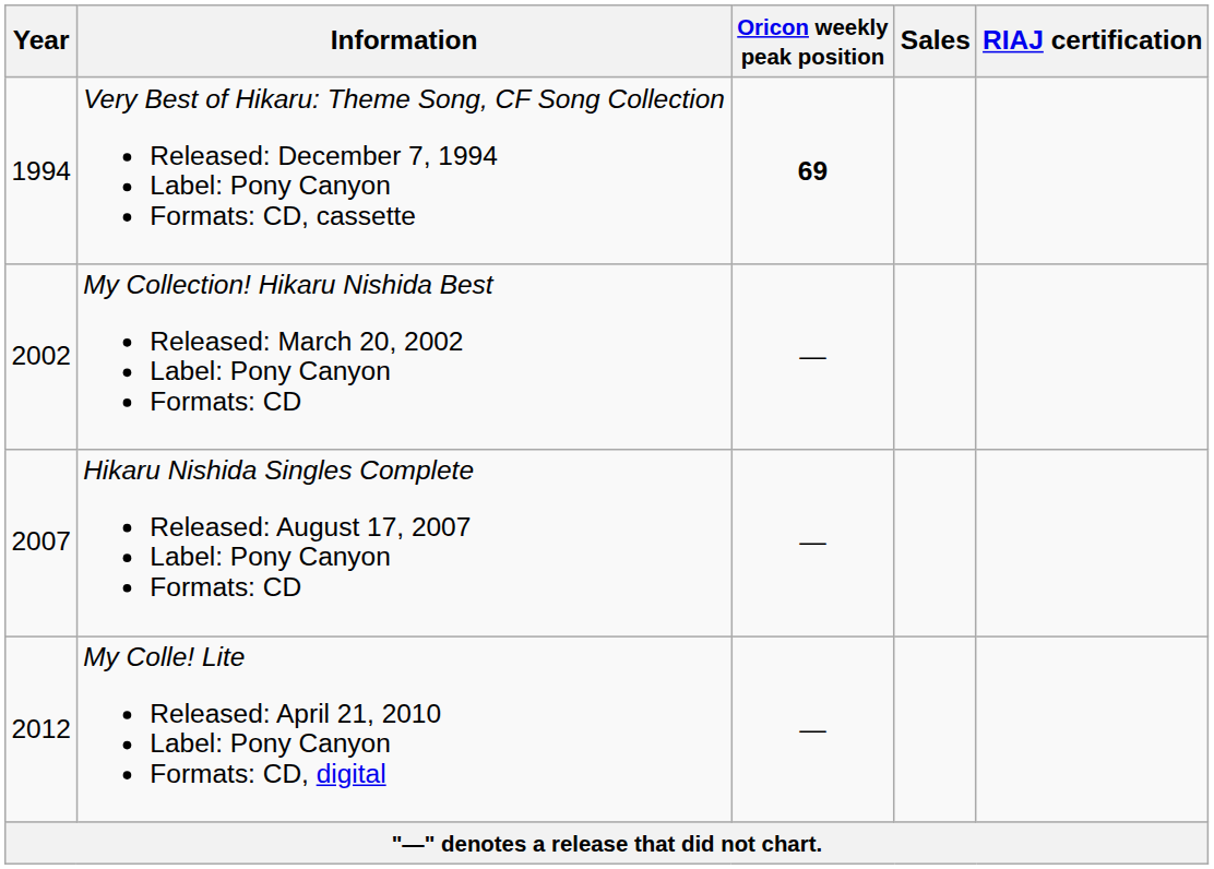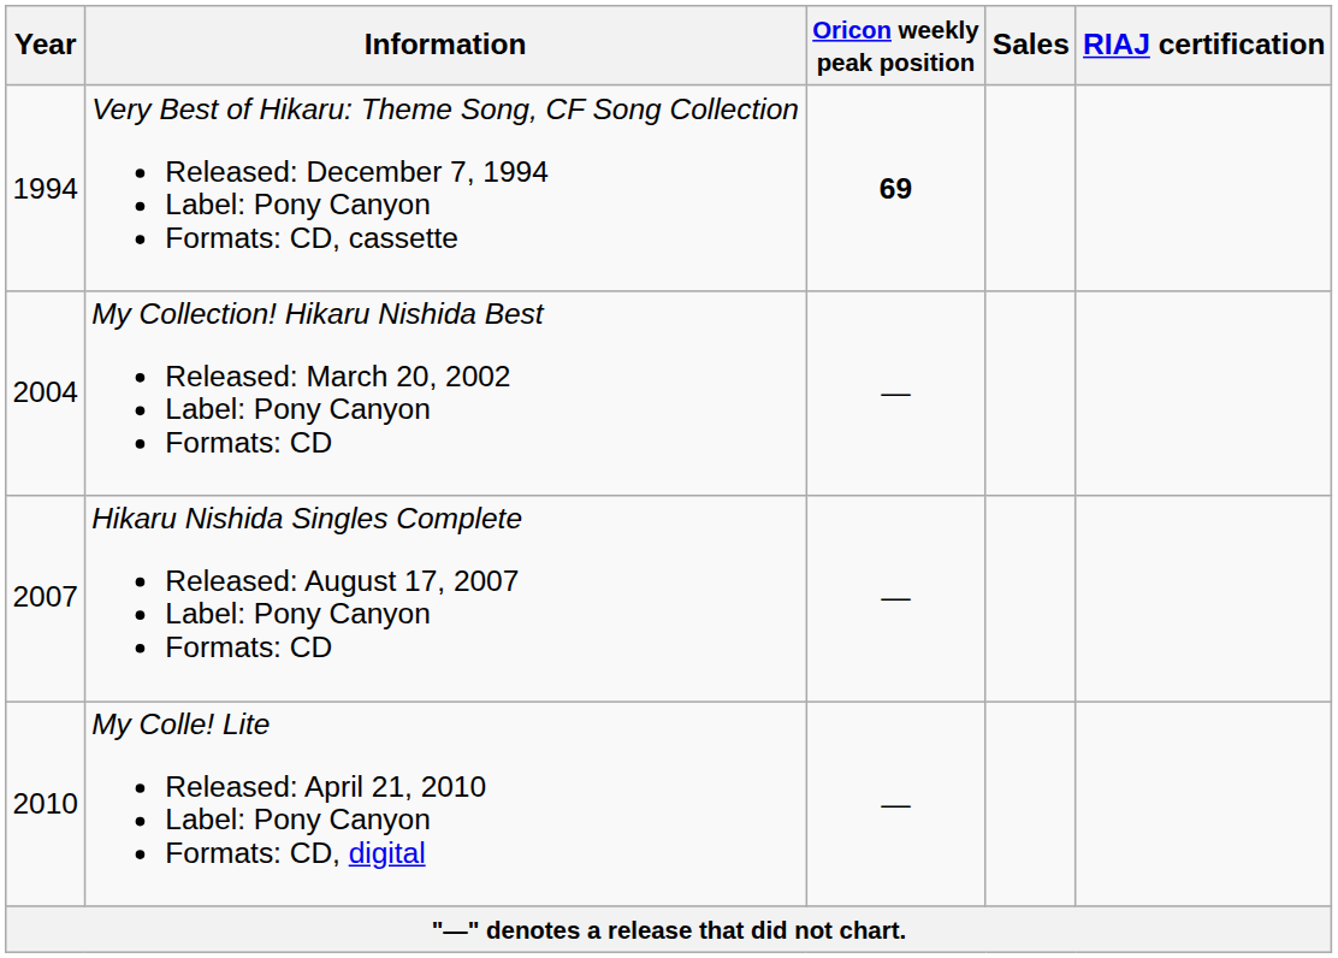 <table class="wikitable">
 <tr>
 <th>Year</th>
 <th>Information</th>
 <th><small><a href='#'>Oricon</a> weekly<br>peak position</small></th>
 <th>Sales<br></th>
 <th><a href='#'>RIAJ</a> certification</th>
 </tr>
 <tr>
 <td>1994</td>
 <td><em>Very Best of Hikaru: Theme Song, CF Song Collection</em><br><ul><li>Released: December 7, 1994</li><li>Label: Pony Canyon</li><li>Formats: CD, cassette</li></ul></td>
 <td style="text-align:center;"><strong>69</strong></td>
 <td align="left"></td>
 <td align="left"></td>
 </tr>
 <tr>
-<td>2002</td>
+<td>2004</td>
 <td><em>My Collection! Hikaru Nishida Best</em><br><ul><li>Released: March 20, 2002</li><li>Label: Pony Canyon</li><li>Formats: CD</li></ul></td>
 <td style="text-align:center;">—</td>
 <td align="left"></td>
 <td align="left"></td>
 </tr>
 <tr>
 <td>2007</td>
 <td><em>Hikaru Nishida Singles Complete</em><br><ul><li>Released: August 17, 2007</li><li>Label: Pony Canyon</li><li>Formats: CD</li></ul></td>
 <td style="text-align:center;">—</td>
 <td align="left"></td>
 <td align="left"></td>
 </tr>
 <tr>
-<td>2012</td>
+<td>2010</td>
 <td><em>My Colle! Lite</em><br><ul><li>Released: April 21, 2010</li><li>Label: Pony Canyon</li><li>Formats: CD, <a href='#'>digital</a></li></ul></td>
 <td style="text-align:center;">—</td>
 <td align="left"></td>
 <td align="left"></td>
 </tr>
 <tr>
 <th colspan="5"><small>"—" denotes a release that did not chart.</small></th>
 </tr>
 </table>
